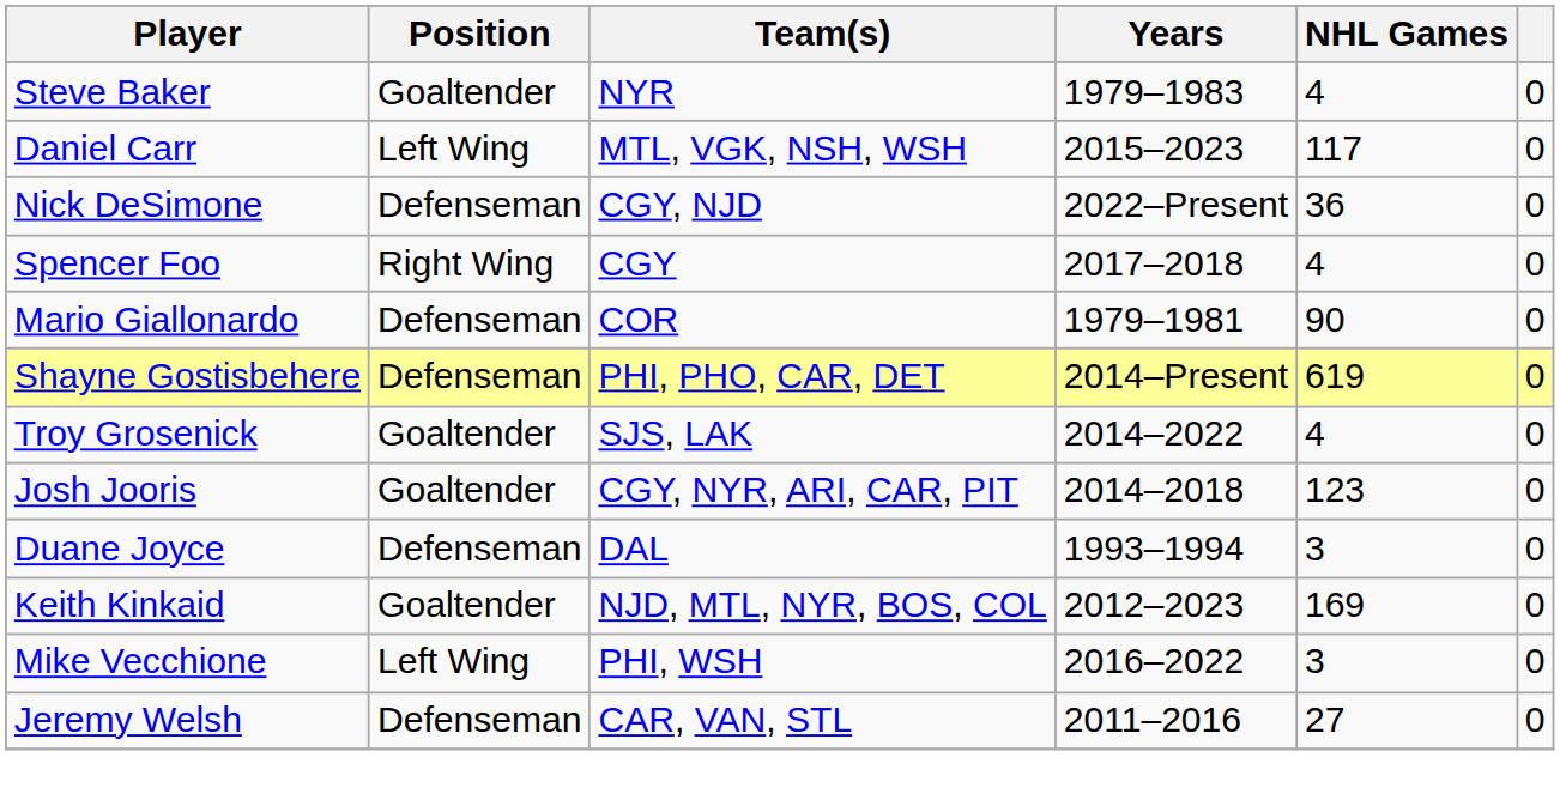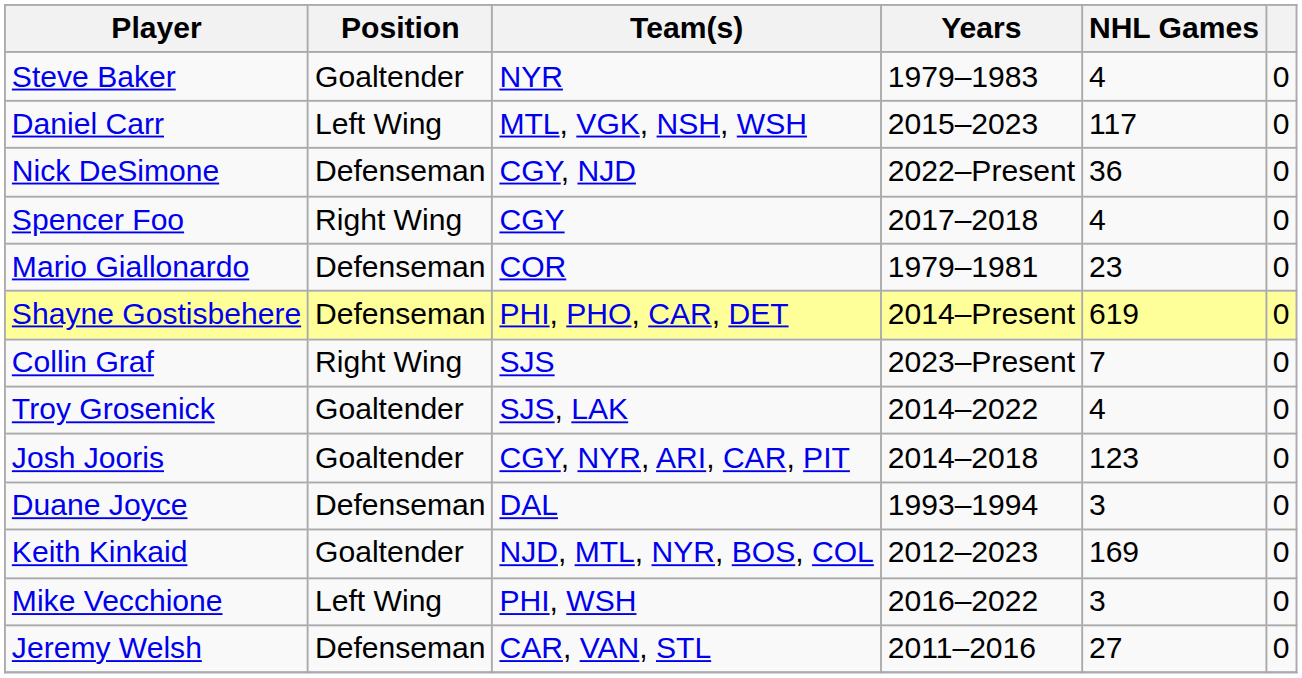 <table class="wikitable sortable">
 <tr>
 <th>Player</th>
 <th>Position</th>
 <th>Team(s)</th>
 <th>Years</th>
 <th>NHL Games</th>
 <th><a href='#'></a></th>
 </tr>
 <tr>
 <td><a href='#'>Steve Baker</a></td>
 <td>Goaltender</td>
 <td><a href='#'>NYR</a></td>
 <td>1979–1983</td>
 <td>4</td>
 <td>0</td>
 </tr>
 <tr>
 <td><a href='#'>Daniel Carr</a></td>
 <td>Left Wing</td>
 <td><a href='#'>MTL</a>, <a href='#'>VGK</a>, <a href='#'>NSH</a>, <a href='#'>WSH</a></td>
 <td>2015–2023</td>
 <td>117</td>
 <td>0</td>
 </tr>
 <tr>
 <td><a href='#'>Nick DeSimone</a></td>
 <td>Defenseman</td>
 <td><a href='#'>CGY</a>, <a href='#'>NJD</a></td>
 <td>2022–Present</td>
 <td>36</td>
 <td>0</td>
 </tr>
 <tr>
 <td><a href='#'>Spencer Foo</a></td>
 <td>Right Wing</td>
 <td><a href='#'>CGY</a></td>
 <td>2017–2018</td>
 <td>4</td>
 <td>0</td>
 </tr>
 <tr>
 <td><a href='#'>Mario Giallonardo</a></td>
 <td>Defenseman</td>
 <td><a href='#'>COR</a></td>
 <td>1979–1981</td>
-<td>90</td>
+<td>23</td>
 <td>0</td>
 </tr>
 <tr bgcolor=FFFF99>
 <td><a href='#'>Shayne Gostisbehere</a></td>
 <td>Defenseman</td>
 <td><a href='#'>PHI</a>, <a href='#'>PHO</a>, <a href='#'>CAR</a>, <a href='#'>DET</a></td>
 <td>2014–Present</td>
 <td>619</td>
+<td>0</td>
+</tr>
+<tr>
+<td><a href='#'>Collin Graf</a></td>
+<td>Right Wing</td>
+<td><a href='#'>SJS</a></td>
+<td>2023–Present</td>
+<td>7</td>
 <td>0</td>
 </tr>
 <tr>
 <td><a href='#'>Troy Grosenick</a></td>
 <td>Goaltender</td>
 <td><a href='#'>SJS</a>, <a href='#'>LAK</a></td>
 <td>2014–2022</td>
 <td>4</td>
 <td>0</td>
 </tr>
 <tr>
 <td><a href='#'>Josh Jooris</a></td>
 <td>Goaltender</td>
 <td><a href='#'>CGY</a>, <a href='#'>NYR</a>, <a href='#'>ARI</a>, <a href='#'>CAR</a>, <a href='#'>PIT</a></td>
 <td>2014–2018</td>
 <td>123</td>
 <td>0</td>
 </tr>
 <tr>
 <td><a href='#'>Duane Joyce</a></td>
 <td>Defenseman</td>
 <td><a href='#'>DAL</a></td>
 <td>1993–1994</td>
 <td>3</td>
 <td>0</td>
 </tr>
 <tr>
 <td><a href='#'>Keith Kinkaid</a></td>
 <td>Goaltender</td>
 <td><a href='#'>NJD</a>, <a href='#'>MTL</a>, <a href='#'>NYR</a>, <a href='#'>BOS</a>, <a href='#'>COL</a></td>
 <td>2012–2023</td>
 <td>169</td>
 <td>0</td>
 </tr>
 <tr>
 <td><a href='#'>Mike Vecchione</a></td>
 <td>Left Wing</td>
 <td><a href='#'>PHI</a>, <a href='#'>WSH</a></td>
 <td>2016–2022</td>
 <td>3</td>
 <td>0</td>
 </tr>
 <tr>
 <td><a href='#'>Jeremy Welsh</a></td>
 <td>Defenseman</td>
 <td><a href='#'>CAR</a>, <a href='#'>VAN</a>, <a href='#'>STL</a></td>
 <td>2011–2016</td>
 <td>27</td>
 <td>0</td>
 </tr>
 <tr>
 </tr>
 </table>
